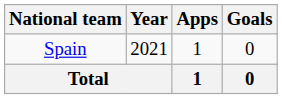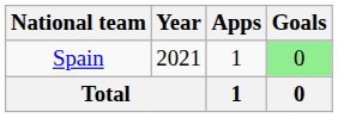 <table class="wikitable" style="text-align: center;">
 <tr>
 <th>National team</th>
 <th>Year</th>
 <th>Apps</th>
 <th>Goals</th>
 </tr>
 <tr>
 <td rowspan="1"><a href='#'>Spain</a></td>
 <td>2021</td>
 <td>1</td>
-<td>0</td>
+<td style="background: lightgreen;">0</td>
 </tr>
 <tr>
 <th colspan="2">Total</th>
 <th>1</th>
 <th>0</th>
 </tr>
 </table>
